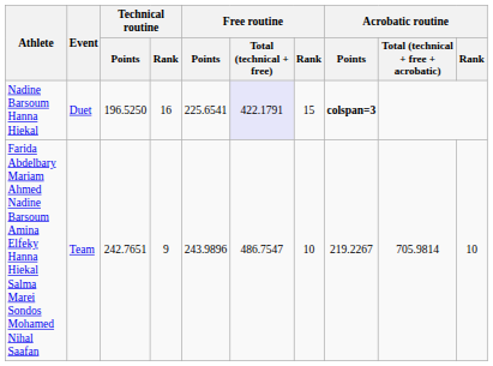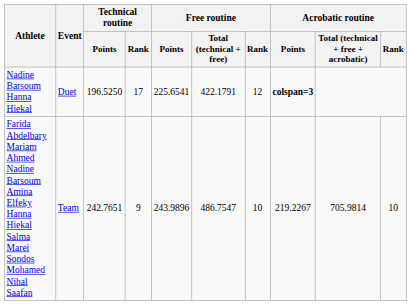 <table class="wikitable" style="font-size:90%">
 <tr>
 <th rowspan="2">Athlete</th>
 <th rowspan="2">Event</th>
 <th colspan=2>Technical routine</th>
 <th colspan=3>Free routine</th>
 <th colspan=3>Acrobatic routine</th>
 </tr>
 <tr style="font-size:95%">
 <th>Points</th>
 <th>Rank</th>
 <th>Points</th>
 <th>Total (technical + free)</th>
 <th>Rank</th>
 <th>Points</th>
 <th>Total (technical + free + acrobatic)</th>
 <th>Rank</th>
 </tr>
 <tr align=center>
 <td align=left><a href='#'>Nadine Barsoum</a><br><a href='#'>Hanna Hiekal</a></td>
 <td align=left><a href='#'>Duet</a></td>
 <td>196.5250</td>
-<td>16</td>
+<td>17</td>
 <td>225.6541</td>
-<td style="background: lavender;">422.1791</td>
-<td>15</td>
+<td>422.1791</td>
+<td>12</td>
 <td><strong>colspan=3 </strong></td>
 </tr>
 <tr align=center>
 <td align=left><a href='#'>Farida Abdelbary</a><br><a href='#'>Mariam Ahmed</a><br><a href='#'>Nadine Barsoum</a><br><a href='#'>Amina Elfeky</a><br><a href='#'>Hanna Hiekal</a><br><a href='#'>Salma Marei</a><br><a href='#'>Sondos Mohamed</a><br><a href='#'>Nihal Saafan</a></td>
 <td align=left><a href='#'>Team</a></td>
 <td>242.7651</td>
 <td>9</td>
 <td>243.9896</td>
 <td>486.7547</td>
 <td>10</td>
 <td>219.2267</td>
 <td>705.9814</td>
 <td>10</td>
 </tr>
 </table>
